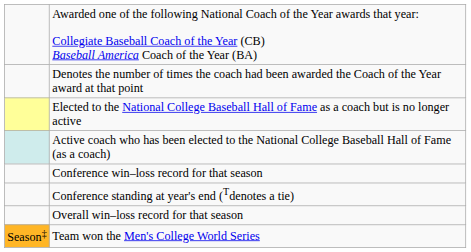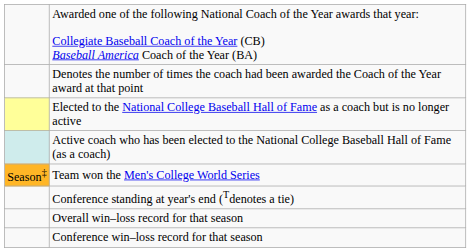 <table class="wikitable">
 <tr>
 <td></td>
 <td>Awarded one of the following National Coach of the Year awards that year:<br><br><a href='#'>Collegiate Baseball Coach of the Year</a> (CB)<br> <em><a href='#'>Baseball America</a></em> Coach of the Year (BA)</td>
 </tr>
 <tr>
 <td></td>
 <td>Denotes the number of times the coach had been awarded the Coach of the Year award at that point</td>
 </tr>
 <tr>
 <td style="background-color:#FFFF99; width:3em"></td>
 <td>Elected to the <a href='#'>National College Baseball Hall of Fame</a> as a coach but is no longer active</td>
 </tr>
 <tr>
 <td style="background-color:#CFECEC; width:3em"></td>
 <td>Active coach who has been elected to the National College Baseball Hall of Fame (as a coach)</td>
 </tr>
 <tr>
-<td></td>
-<td>Conference win–loss record for that season</td>
+<td style="background-color:#ffb626; width:3em">Season<sup>‡</sup></td>
+<td>Team won the <a href='#'>Men's College World Series</a></td>
 </tr>
 <tr>
 <td></td>
 <td>Conference standing at year's end (<sup>T</sup>denotes a tie)</td>
 </tr>
 <tr>
 <td></td>
 <td>Overall win–loss record for that season</td>
 </tr>
 <tr>
-<td style="background-color:#ffb626; width:3em">Season<sup>‡</sup></td>
-<td>Team won the <a href='#'>Men's College World Series</a></td>
+<td></td>
+<td>Conference win–loss record for that season</td>
 </tr>
 </table>
